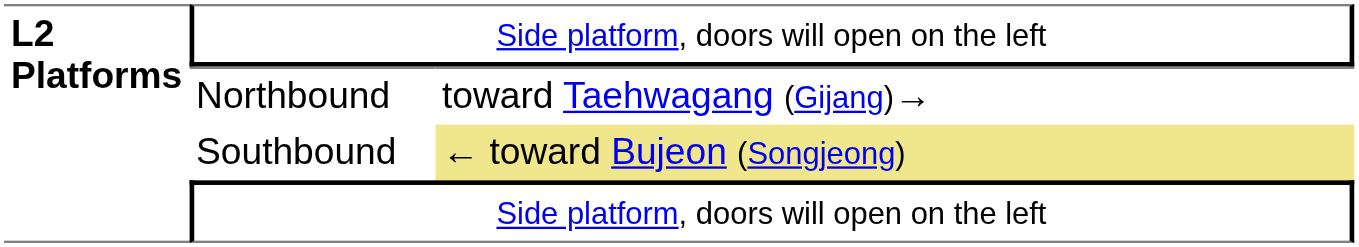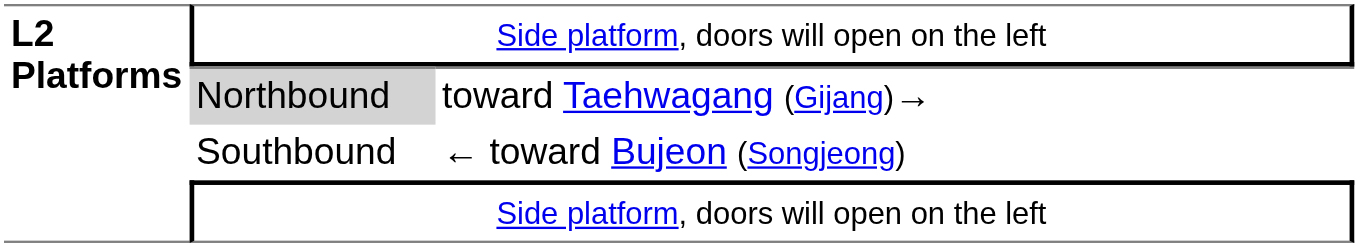 <table table border=0 cellspacing=0 cellpadding=3>
 <tr>
 <td style="border-top:solid 1px gray;border-bottom:solid 1px gray;" width=50 rowspan=10 valign=top><strong>L2<br>Platforms</strong></td>
 <td style="border-top:solid 1px gray;border-right:solid 2px black;border-left:solid 2px black;border-bottom:solid 2px black;text-align:center;" colspan=2><small><a href='#'>Side platform</a>, doors will open on the left</small></td>
 </tr>
 <tr>
-<td style="border-bottom:solid 0px gray;border-top:solid 1px gray;" width=100>Northbound</td>
+<td style="background: lightgrey; border-bottom:solid 0px gray;border-top:solid 1px gray;" width=100>Northbound</td>
 <td style="border-bottom:solid 0px gray;border-top:solid 1px gray;" width=390>  toward <a href='#'>Taehwagang</a> <small>(<a href='#'>Gijang</a>)</small>→</td>
 </tr>
 <tr>
 <td>Southbound</td>
-<td style="background: khaki;">←  toward <a href='#'>Bujeon</a> <small>(<a href='#'>Songjeong</a>)</small></td>
+<td>←  toward <a href='#'>Bujeon</a> <small>(<a href='#'>Songjeong</a>)</small></td>
 </tr>
 <tr>
 <td style="border-top:solid 2px black;border-right:solid 2px black;border-left:solid 2px black;border-bottom:solid 1px gray;text-align:center;" colspan=2><small><a href='#'>Side platform</a>, doors will open on the left</small></td>
 </tr>
 </table>
